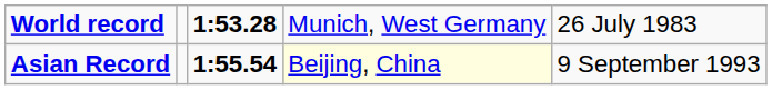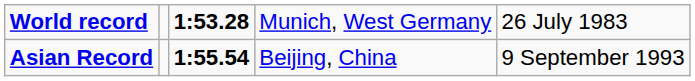 <table class="wikitable">
 <tr>
 <td><strong><a href='#'>World record</a></strong></td>
 <td></td>
 <td><strong>1:53.28</strong></td>
 <td><a href='#'>Munich</a>, <a href='#'>West Germany</a></td>
 <td>26 July 1983</td>
 </tr>
 <tr>
 <td><strong><a href='#'>Asian Record</a></strong></td>
 <td></td>
 <td><strong>1:55.54</strong></td>
-<td style="background: lightyellow;"><a href='#'>Beijing</a>, <a href='#'>China</a></td>
+<td><a href='#'>Beijing</a>, <a href='#'>China</a></td>
 <td>9 September 1993</td>
 </tr>
 </table>
